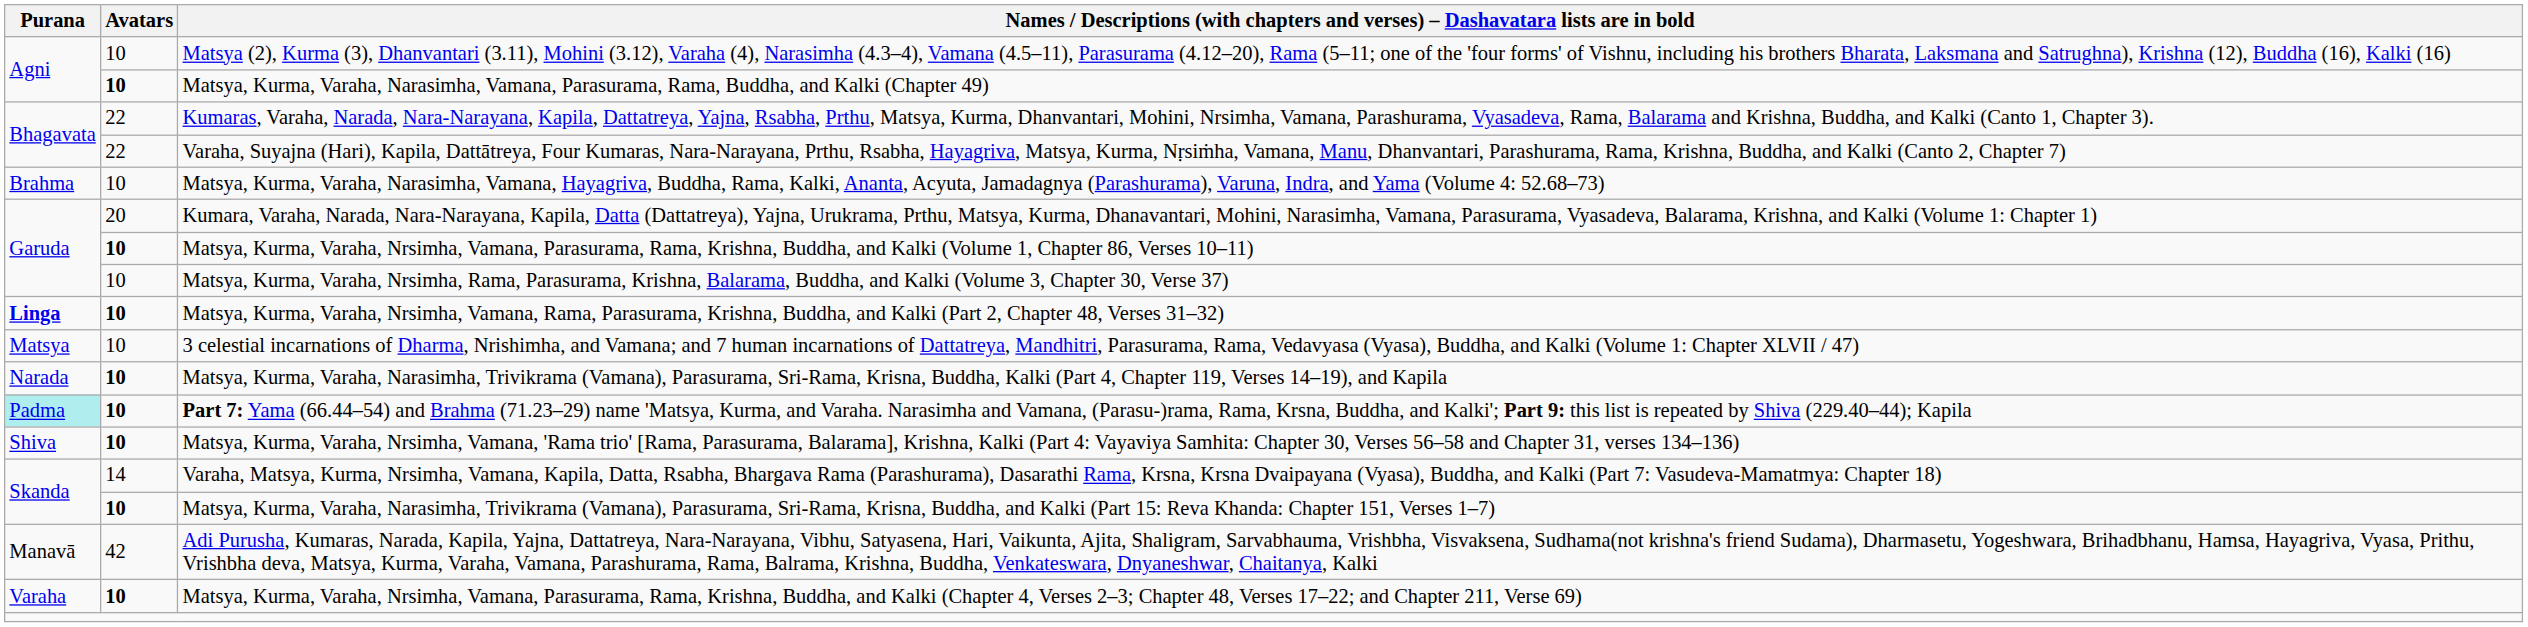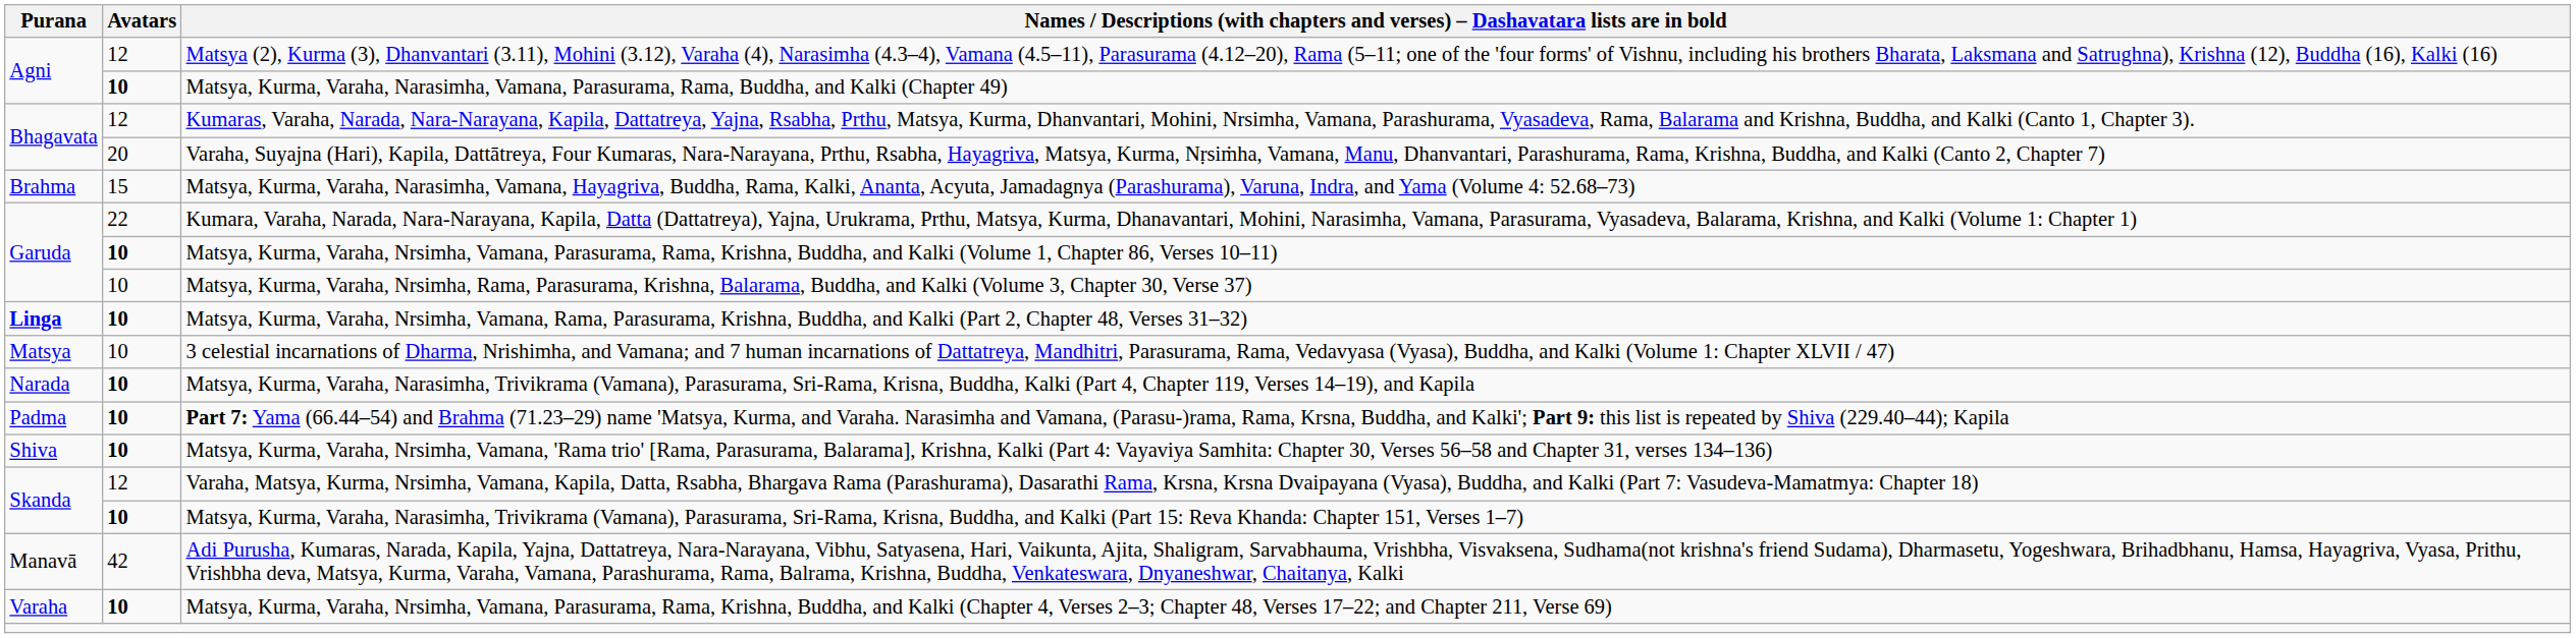 <table class="wikitable">
 <tr>
 <th>Purana</th>
 <th>Avatars</th>
 <th>Names / Descriptions (with chapters and verses) – <a href='#'>Dashavatara</a> lists are in bold</th>
 </tr>
 <tr>
 <td rowspan="2"><a href='#'>Agni</a></td>
-<td>10</td>
+<td>12</td>
 <td><a href='#'>Matsya</a> (2), <a href='#'>Kurma</a> (3), <a href='#'>Dhanvantari</a> (3.11), <a href='#'>Mohini</a> (3.12), <a href='#'>Varaha</a> (4), <a href='#'>Narasimha</a> (4.3–4), <a href='#'>Vamana</a> (4.5–11), <a href='#'>Parasurama</a> (4.12–20), <a href='#'>Rama</a> (5–11; one of the 'four forms' of Vishnu, including his brothers <a href='#'>Bharata</a>, <a href='#'>Laksmana</a> and <a href='#'>Satrughna</a>), <a href='#'>Krishna</a> (12), <a href='#'>Buddha</a> (16), <a href='#'>Kalki</a> (16)</td>
 </tr>
 <tr>
 <td><strong>10</strong></td>
 <td>Matsya, Kurma, Varaha, Narasimha, Vamana, Parasurama, Rama, Buddha, and Kalki (Chapter 49)</td>
 </tr>
 <tr>
 <td rowspan="2"><a href='#'>Bhagavata</a></td>
-<td>22</td>
+<td>12</td>
 <td><a href='#'>Kumaras</a>, Varaha, <a href='#'>Narada</a>, <a href='#'>Nara-Narayana</a>, <a href='#'>Kapila</a>, <a href='#'>Dattatreya</a>, <a href='#'>Yajna</a>, <a href='#'>Rsabha</a>, <a href='#'>Prthu</a>, Matsya, Kurma, Dhanvantari, Mohini, Nrsimha, Vamana, Parashurama, <a href='#'>Vyasadeva</a>, Rama, <a href='#'>Balarama</a> and Krishna, Buddha, and Kalki (Canto 1, Chapter 3).</td>
 </tr>
 <tr>
-<td>22</td>
+<td>20</td>
 <td>Varaha, Suyajna (Hari), Kapila, Dattātreya, Four Kumaras, Nara-Narayana, Prthu, Rsabha, <a href='#'>Hayagriva</a>, Matsya, Kurma, Nṛsiṁha, Vamana, <a href='#'>Manu</a>, Dhanvantari, Parashurama, Rama, Krishna, Buddha, and Kalki (Canto 2, Chapter 7)</td>
 </tr>
 <tr>
 <td><a href='#'>Brahma</a></td>
-<td>10</td>
+<td>15</td>
 <td>Matsya, Kurma, Varaha, Narasimha, Vamana, <a href='#'>Hayagriva</a>, Buddha, Rama, Kalki, <a href='#'>Ananta</a>, Acyuta, Jamadagnya (<a href='#'>Parashurama</a>), <a href='#'>Varuna</a>, <a href='#'>Indra</a>, and <a href='#'>Yama</a> (Volume 4: 52.68–73)</td>
 </tr>
 <tr>
 <td rowspan="3"><a href='#'>Garuda</a></td>
-<td>20</td>
+<td>22</td>
 <td>Kumara, Varaha, Narada, Nara-Narayana, Kapila, <a href='#'>Datta</a> (Dattatreya), Yajna, Urukrama, Prthu, Matsya, Kurma, Dhanavantari, Mohini, Narasimha, Vamana, Parasurama, Vyasadeva, Balarama, Krishna, and Kalki (Volume 1: Chapter 1)</td>
 </tr>
 <tr>
 <td><strong>10</strong></td>
 <td>Matsya, Kurma, Varaha, Nrsimha, Vamana, Parasurama, Rama, Krishna, Buddha, and Kalki (Volume 1, Chapter 86, Verses 10–11)</td>
 </tr>
 <tr>
 <td>10</td>
 <td>Matsya, Kurma, Varaha, Nrsimha, Rama, Parasurama, Krishna, <a href='#'>Balarama</a>, Buddha, and Kalki (Volume 3, Chapter 30, Verse 37)</td>
 </tr>
 <tr>
 <td><strong><a href='#'>Linga</a></strong></td>
 <td><strong>10</strong></td>
 <td>Matsya, Kurma, Varaha, Nrsimha, Vamana, Rama, Parasurama, Krishna, Buddha, and Kalki (Part 2, Chapter 48, Verses 31–32)</td>
 </tr>
 <tr>
 <td><a href='#'>Matsya</a></td>
 <td>10</td>
 <td>3 celestial incarnations of <a href='#'>Dharma</a>, Nrishimha, and Vamana; and 7 human incarnations of <a href='#'>Dattatreya</a>, <a href='#'>Mandhitri</a>, Parasurama, Rama, Vedavyasa (Vyasa), Buddha, and Kalki (Volume 1: Chapter XLVII / 47)</td>
 </tr>
 <tr>
 <td><a href='#'>Narada</a></td>
 <td><strong>10</strong></td>
 <td>Matsya, Kurma, Varaha, Narasimha, Trivikrama (Vamana), Parasurama, Sri-Rama, Krisna, Buddha, Kalki (Part 4, Chapter 119, Verses 14–19), and Kapila</td>
 </tr>
 <tr>
-<td style="background: paleturquoise;"><a href='#'>Padma</a></td>
+<td><a href='#'>Padma</a></td>
 <td><strong>10</strong></td>
 <td><strong>Part 7:</strong> <a href='#'>Yama</a> (66.44–54) and <a href='#'>Brahma</a> (71.23–29) name 'Matsya, Kurma, and Varaha. Narasimha and Vamana, (Parasu-)rama, Rama, Krsna, Buddha, and Kalki'; <strong>Part 9:</strong> this list is repeated by <a href='#'>Shiva</a> (229.40–44); Kapila</td>
 </tr>
 <tr>
 <td><a href='#'>Shiva</a></td>
 <td><strong>10</strong></td>
 <td>Matsya, Kurma, Varaha, Nrsimha, Vamana, 'Rama trio' [Rama, Parasurama, Balarama], Krishna, Kalki (Part 4: Vayaviya Samhita: Chapter 30, Verses 56–58 and Chapter 31, verses 134–136)</td>
 </tr>
 <tr>
 <td rowspan="2"><a href='#'>Skanda</a></td>
-<td>14</td>
+<td>12</td>
 <td>Varaha, Matsya, Kurma, Nrsimha, Vamana, Kapila, Datta, Rsabha, Bhargava Rama (Parashurama), Dasarathi <a href='#'>Rama</a>, Krsna, Krsna Dvaipayana (Vyasa), Buddha, and Kalki (Part 7: Vasudeva-Mamatmya: Chapter 18)</td>
 </tr>
 <tr>
 <td><strong>10</strong></td>
 <td>Matsya, Kurma, Varaha, Narasimha, Trivikrama (Vamana), Parasurama, Sri-Rama, Krisna, Buddha, and Kalki (Part 15: Reva Khanda: Chapter 151, Verses 1–7)</td>
 </tr>
 <tr>
 <td>Manavā</td>
 <td>42</td>
 <td><a href='#'>Adi Purusha</a>, Kumaras, Narada, Kapila, Yajna, Dattatreya, Nara-Narayana, Vibhu, Satyasena, Hari, Vaikunta, Ajita, Shaligram, Sarvabhauma, Vrishbha, Visvaksena, Sudhama(not krishna's friend Sudama), Dharmasetu, Yogeshwara, Brihadbhanu, Hamsa, Hayagriva, Vyasa, Prithu, Vrishbha deva, Matsya, Kurma, Varaha, Vamana, Parashurama, Rama, Balrama, Krishna, Buddha, <a href='#'>Venkateswara</a>, <a href='#'>Dnyaneshwar</a>, <a href='#'>Chaitanya</a>, Kalki</td>
 </tr>
 <tr>
 <td><a href='#'>Varaha</a></td>
 <td><strong>10</strong></td>
 <td>Matsya, Kurma, Varaha, Nrsimha, Vamana, Parasurama, Rama, Krishna, Buddha, and Kalki (Chapter 4, Verses 2–3; Chapter 48, Verses 17–22; and Chapter 211, Verse 69)</td>
 </tr>
 <tr>
 <td colspan="3"></td>
 </tr>
 </table>
